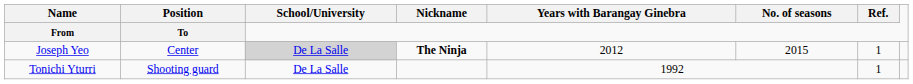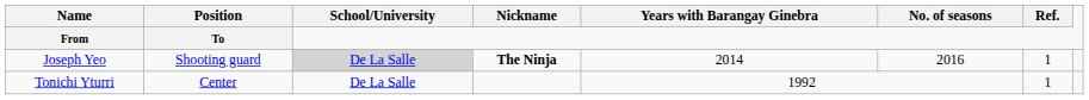 <table class="wikitable sortable" style="text-align:center" width="98%">
 <tr>
 <th>Name</th>
 <th>Position</th>
 <th>School/University</th>
 <th>Nickname</th>
 <th>Years with Barangay Ginebra</th>
 <th>No. of seasons</th>
 <th>Ref.</th>
 </tr>
 <tr>
 <th><small>From</small></th>
 <th><small>To</small></th>
 </tr>
 <tr>
 <td><a href='#'>Joseph Yeo</a></td>
-<td><a href='#'>Center</a></td>
+<td><a href='#'>Shooting guard</a></td>
 <td style="background: lightgrey;"><a href='#'>De La Salle</a></td>
 <td><strong>The Ninja</strong></td>
-<td>2012</td>
-<td>2015</td>
+<td>2014</td>
+<td>2016</td>
 <td>1</td>
 <td></td>
 </tr>
 <tr>
 <td><a href='#'>Tonichi Yturri</a></td>
-<td><a href='#'>Shooting guard</a></td>
+<td><a href='#'>Center</a></td>
 <td><a href='#'>De La Salle</a></td>
 <td></td>
 <td colspan="2">1992</td>
 <td>1</td>
 <td></td>
 </tr>
 </table>
